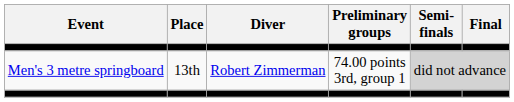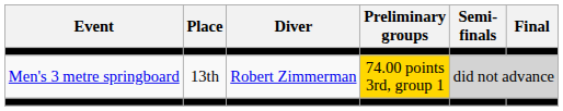 <table class=wikitable>
 <tr>
 <th>Event</th>
 <th>Place</th>
 <th>Diver</th>
 <th>Preliminary <br> groups</th>
 <th>Semi-<br>finals</th>
 <th>Final</th>
 </tr>
 <tr bgcolor=black>
 <td></td>
 <td></td>
 <td></td>
 <td></td>
 <td></td>
 <td></td>
 </tr>
 <tr align=center>
 <td align=left><a href='#'>Men's 3 metre springboard</a></td>
 <td>13th</td>
 <td align=left><a href='#'>Robert Zimmerman</a></td>
-<td>74.00 points <br> 3rd, group 1</td>
+<td style="background: gold;">74.00 points <br> 3rd, group 1</td>
 <td colspan=2 bgcolor=lightgray>did not advance</td>
 </tr>
 <tr bgcolor=black>
 <td></td>
 <td></td>
 <td></td>
 <td></td>
 <td></td>
 <td></td>
 </tr>
 </table>
